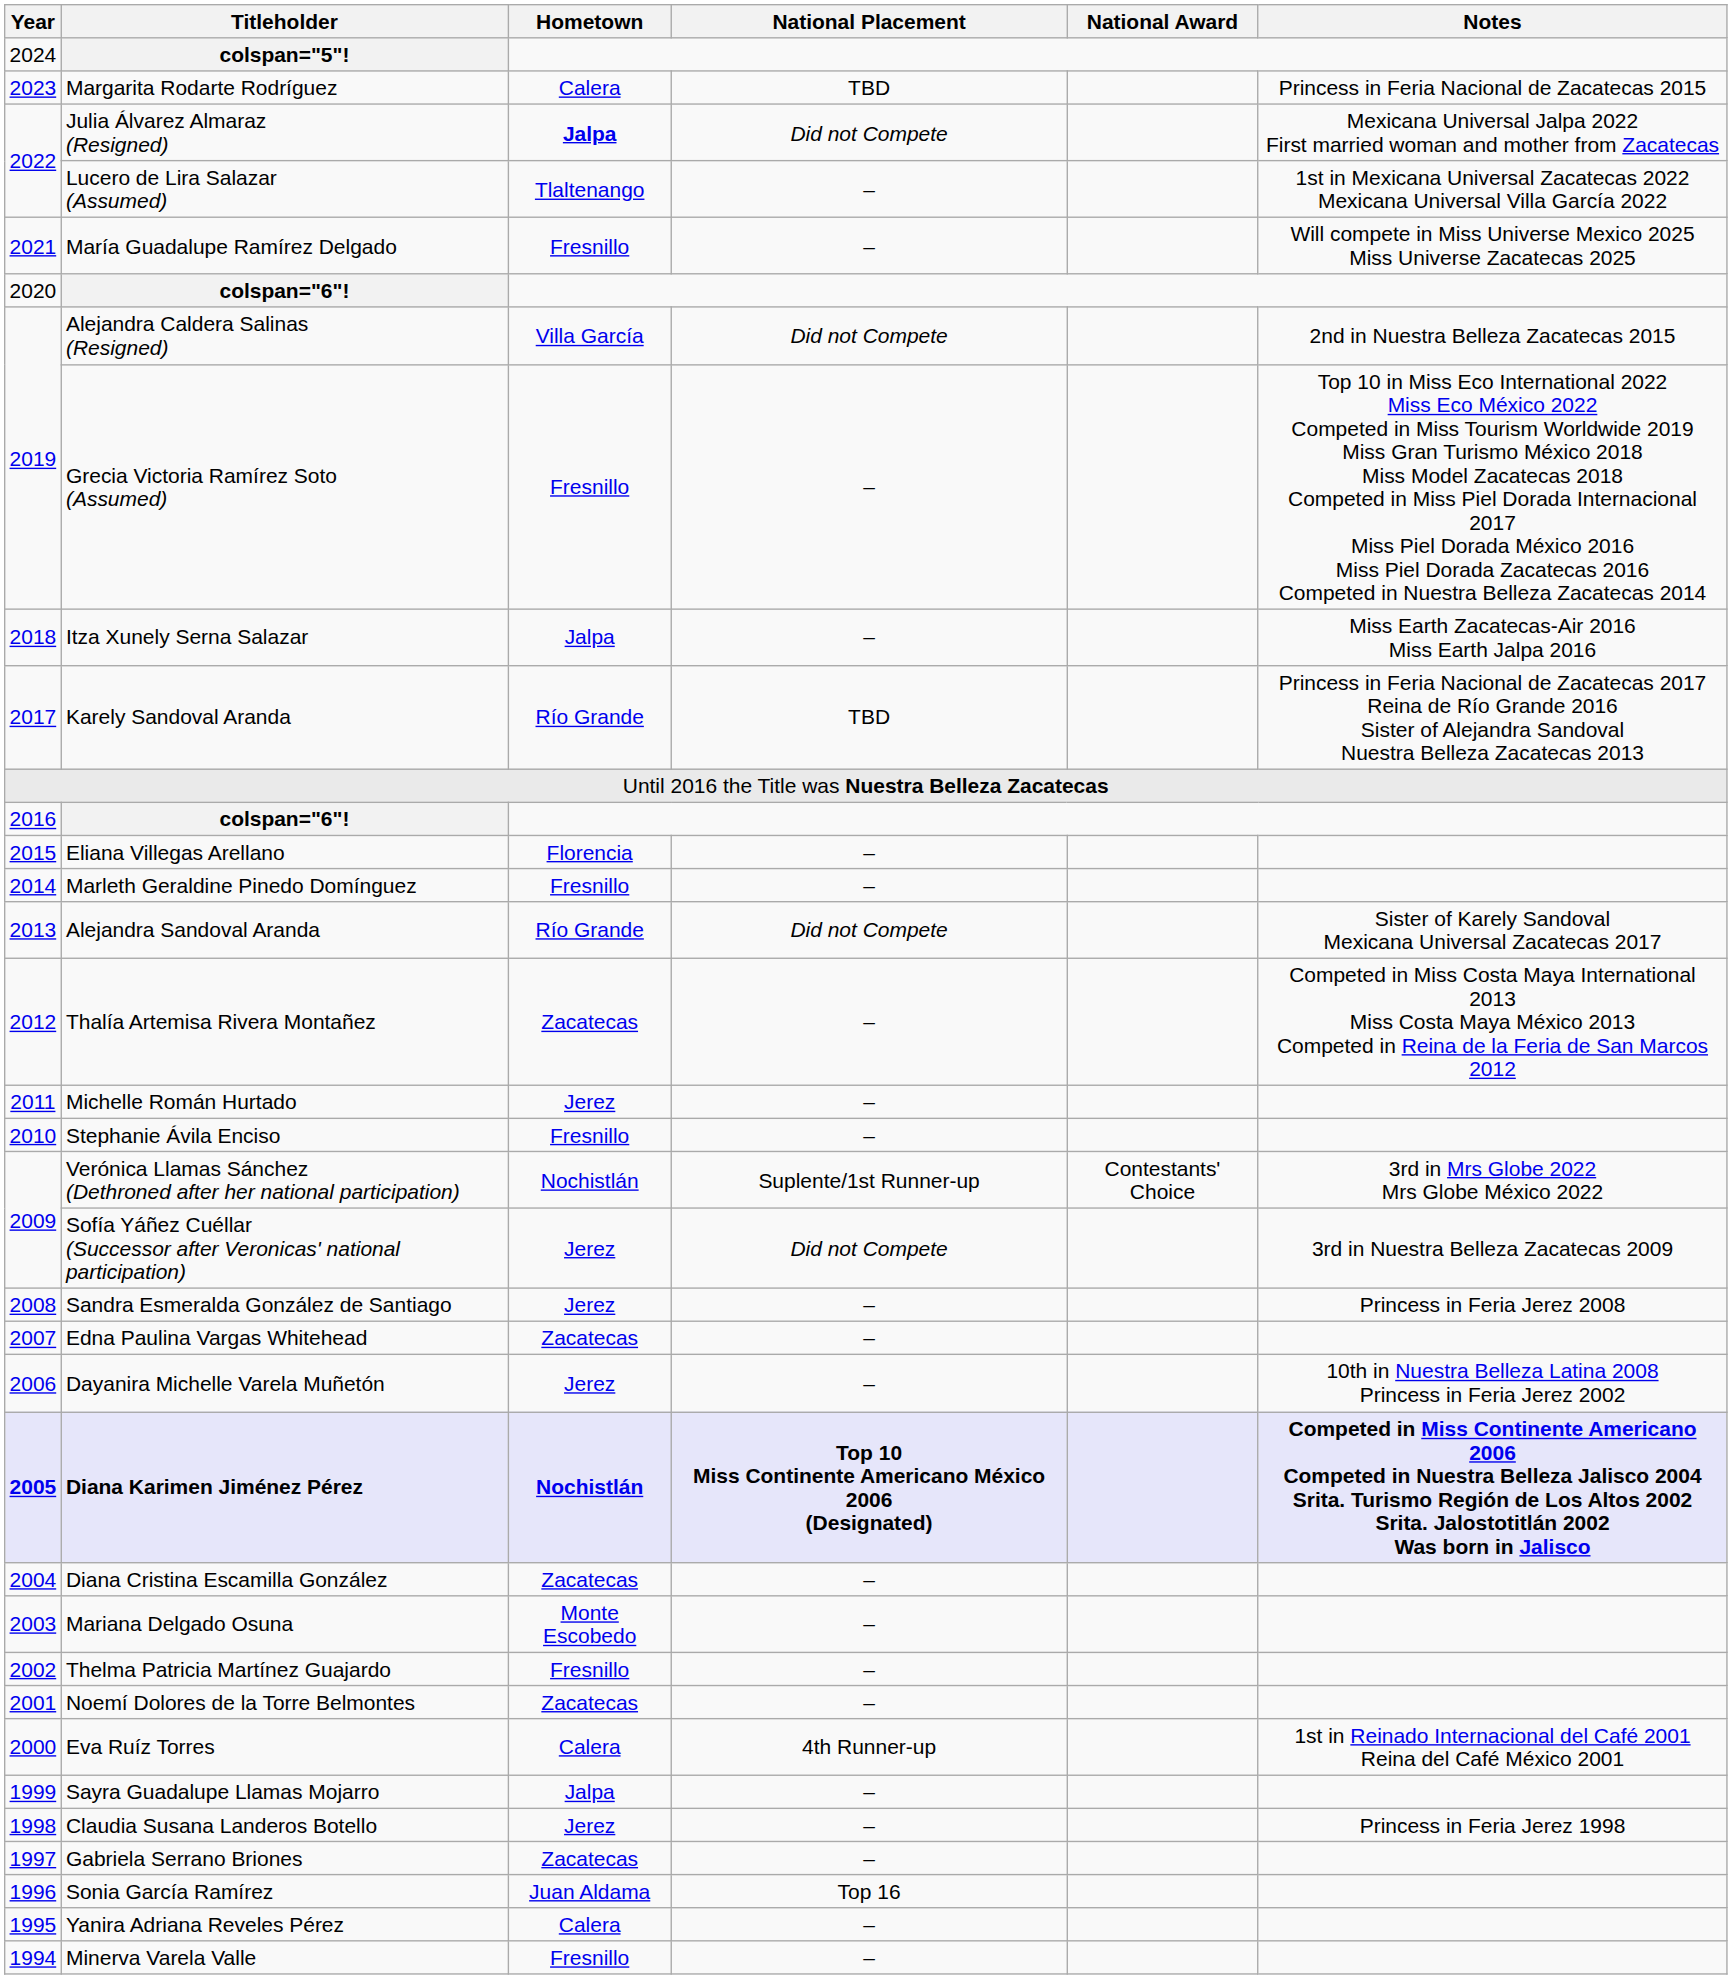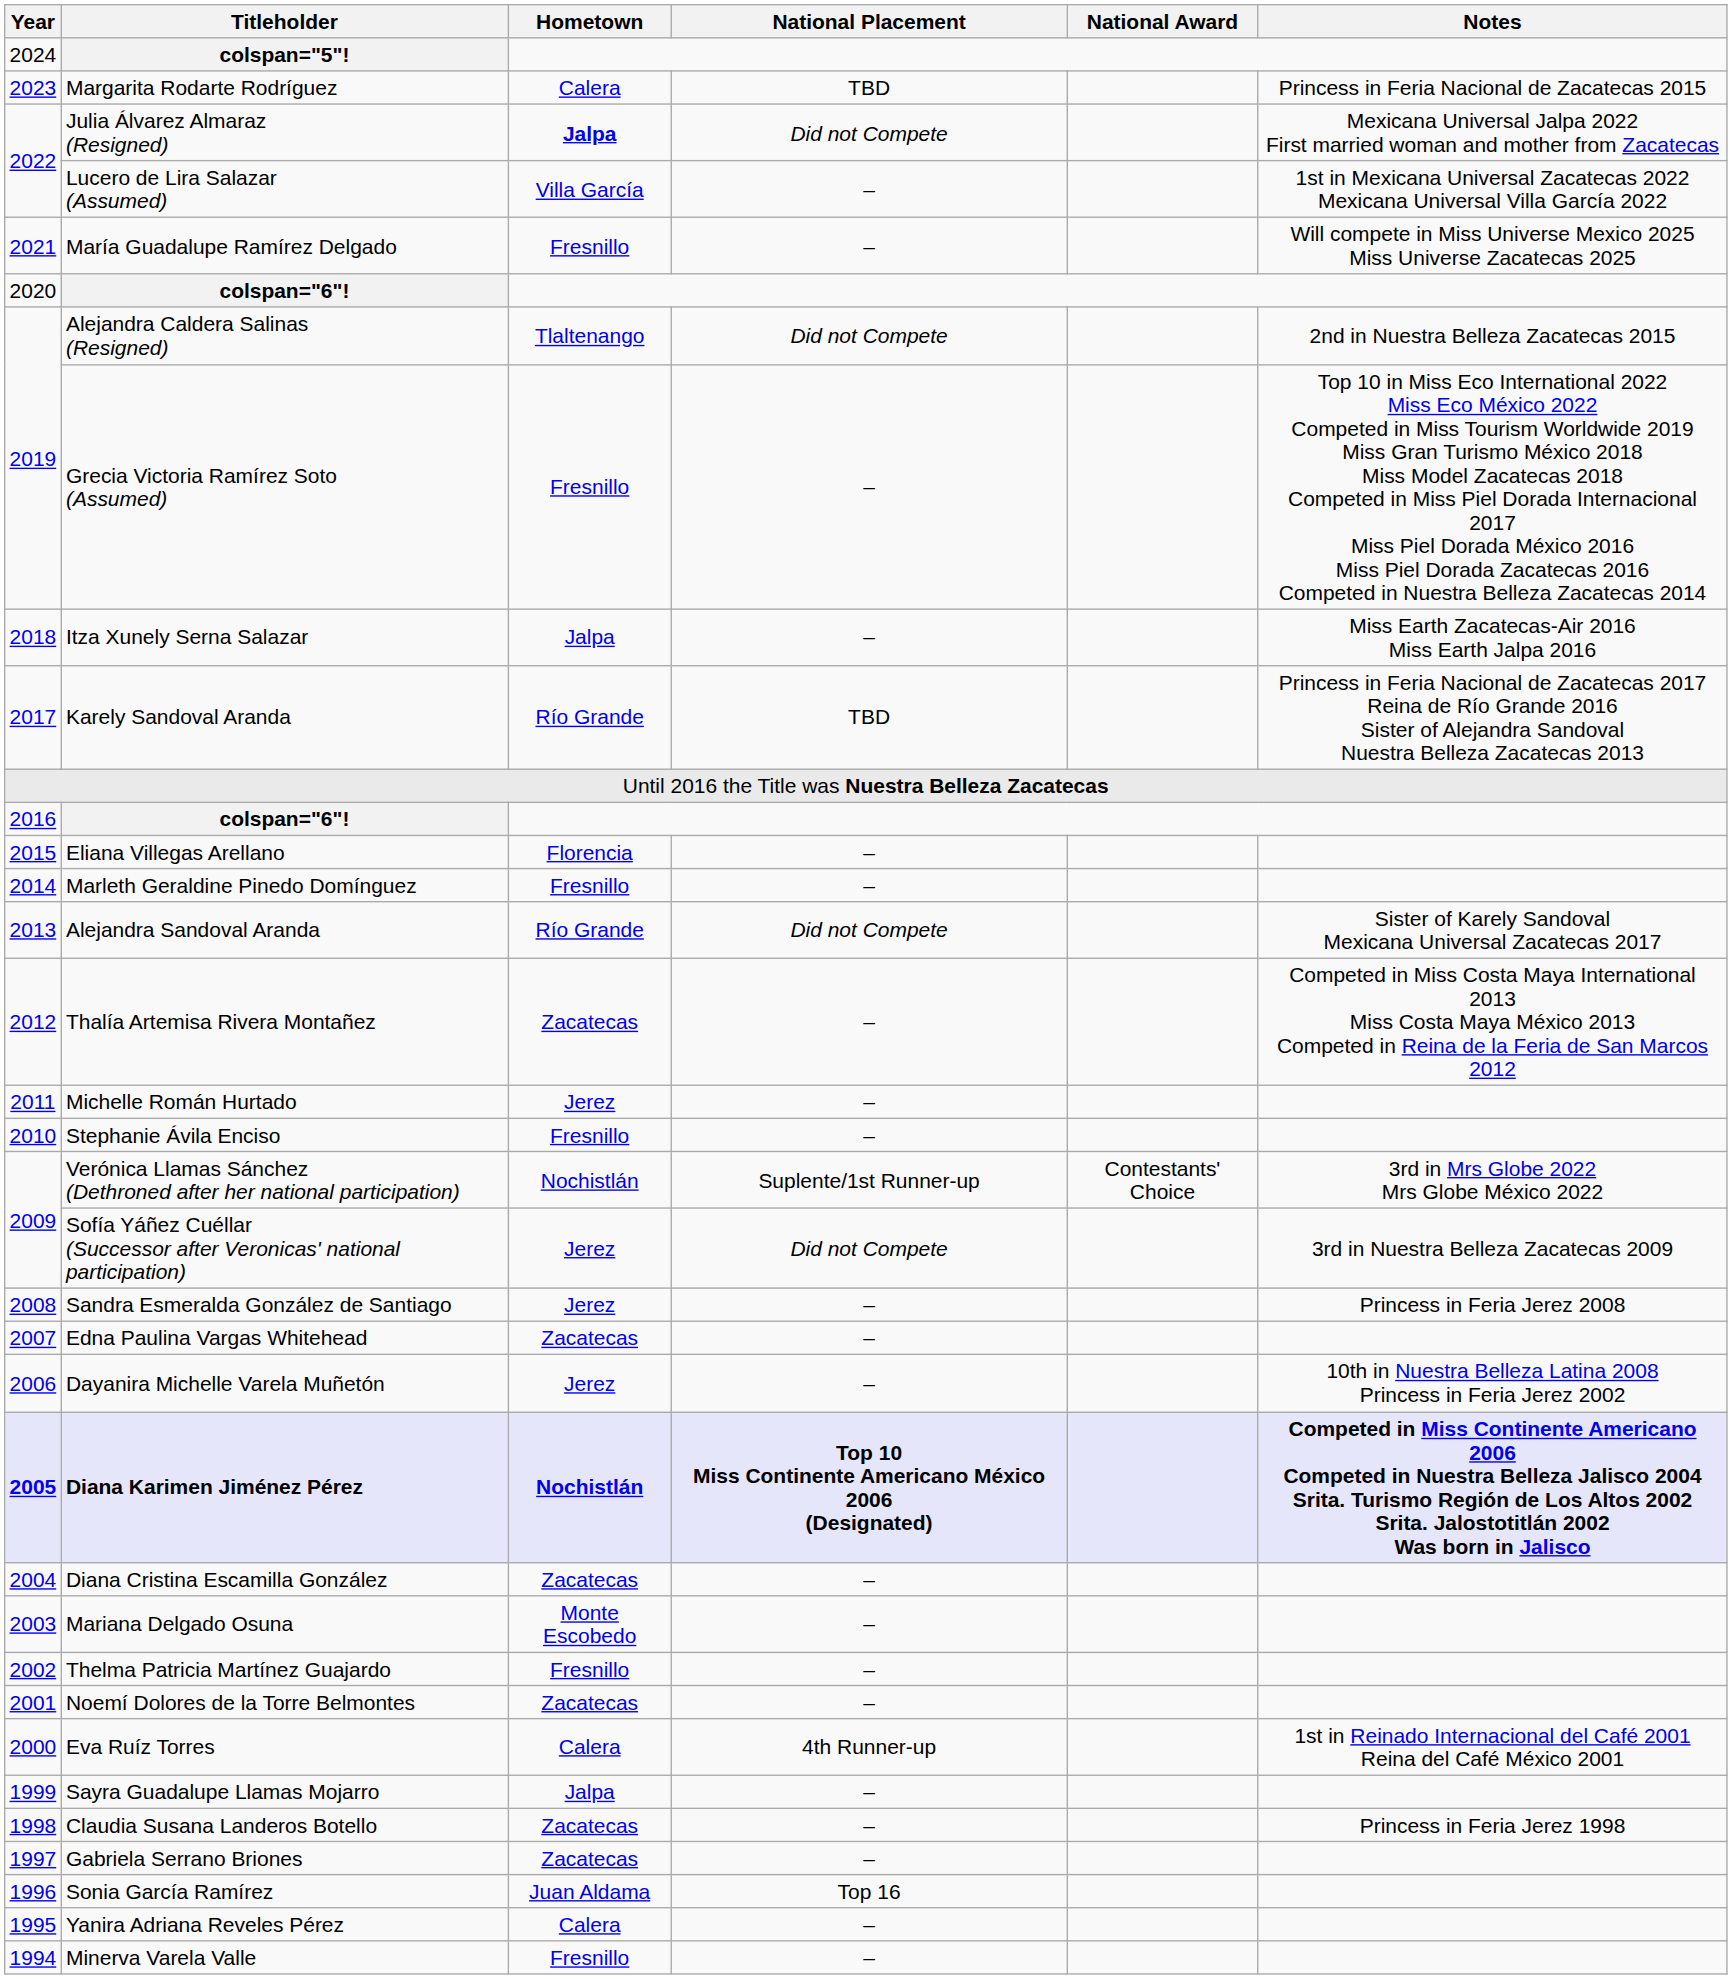 <table class="wikitable sortable" style="font-size:95%;">
 <tr>
 <th>Year</th>
 <th>Titleholder</th>
 <th>Hometown</th>
 <th>National Placement</th>
 <th>National Award</th>
 <th>Notes</th>
 </tr>
 <tr>
 <td align="center">2024</td>
 <th>colspan="5"!</th>
 </tr>
 <tr>
 <td align="center"><a href='#'>2023</a></td>
 <td>Margarita Rodarte Rodríguez</td>
 <td align="center"><a href='#'>Calera</a></td>
 <td align="center">TBD</td>
 <td align="center"></td>
 <td align="center">Princess in Feria Nacional de Zacatecas 2015</td>
 </tr>
 <tr>
 <td rowspan=2 align="center"><a href='#'>2022</a></td>
 <td>Julia Álvarez Almaraz<br><em>(Resigned)</em></td>
 <td align="center"><strong><a href='#'>Jalpa</a></strong></td>
 <td align="center"><em>Did not Compete</em></td>
 <td align="center"></td>
 <td align="center">Mexicana Universal Jalpa 2022<br>First married woman and mother from <a href='#'>Zacatecas</a></td>
 </tr>
 <tr>
 <td>Lucero de Lira Salazar<br><em>(Assumed)</em></td>
-<td align="center"><a href='#'>Tlaltenango</a></td>
+<td align="center"><a href='#'>Villa García</a></td>
 <td align="center">–</td>
 <td align="center"></td>
 <td align="center">1st in Mexicana Universal Zacatecas 2022<br>Mexicana Universal Villa García 2022</td>
 </tr>
 <tr>
 <td align="center"><a href='#'>2021</a></td>
 <td>María Guadalupe Ramírez Delgado</td>
 <td align="center"><a href='#'>Fresnillo</a></td>
 <td align="center">–</td>
 <td align="center"></td>
 <td align="center">Will compete in Miss Universe Mexico 2025<br>Miss Universe Zacatecas 2025</td>
 </tr>
 <tr>
 <td align="center">2020</td>
 <th>colspan="6"!</th>
 </tr>
 <tr>
 <td rowspan=2 align="center"><a href='#'>2019</a></td>
 <td>Alejandra Caldera Salinas<br><em>(Resigned)</em></td>
-<td align="center"><a href='#'>Villa García</a></td>
+<td align="center"><a href='#'>Tlaltenango</a></td>
 <td align="center"><em>Did not Compete</em></td>
 <td align="center"></td>
 <td align="center">2nd in Nuestra Belleza Zacatecas 2015</td>
 </tr>
 <tr>
 <td>Grecia Victoria Ramírez Soto<br><em>(Assumed)</em></td>
 <td align="center"><a href='#'>Fresnillo</a></td>
 <td align="center">–</td>
 <td align="center"></td>
 <td align="center">Top 10 in Miss Eco International 2022<br><a href='#'>Miss Eco México 2022</a><br>Competed in Miss Tourism Worldwide 2019<br>Miss Gran Turismo México 2018<br>Miss Model Zacatecas 2018<br>Competed in Miss Piel Dorada Internacional 2017<br>Miss Piel Dorada México 2016<br>Miss Piel Dorada Zacatecas 2016<br>Competed in Nuestra Belleza Zacatecas 2014</td>
 </tr>
 <tr>
 <td align="center"><a href='#'>2018</a></td>
 <td>Itza Xunely Serna Salazar</td>
 <td align="center"><a href='#'>Jalpa</a></td>
 <td align="center">–</td>
 <td align="center"></td>
 <td align="center">Miss Earth Zacatecas-Air 2016<br>Miss Earth Jalpa 2016</td>
 </tr>
 <tr>
 <td align="center"><a href='#'>2017</a></td>
 <td>Karely Sandoval Aranda</td>
 <td align="center"><a href='#'>Río Grande</a></td>
 <td align="center">TBD</td>
 <td align="center"></td>
 <td align="center">Princess in Feria Nacional de Zacatecas 2017<br>Reina de Río Grande 2016<br>Sister of Alejandra Sandoval<br>Nuestra Belleza Zacatecas 2013</td>
 </tr>
 <tr>
 <td colspan="7" bgcolor="#EAEAEA" style="text-align:center;">Until 2016 the Title was <strong>Nuestra Belleza Zacatecas</strong></td>
 </tr>
 <tr>
 <td align="center"><a href='#'>2016</a></td>
 <th>colspan="6"!</th>
 </tr>
 <tr>
 <td align="center"><a href='#'>2015</a></td>
 <td>Eliana Villegas Arellano</td>
 <td align="center"><a href='#'>Florencia</a></td>
 <td align="center">–</td>
 <td align="center"></td>
 <td align="center"></td>
 </tr>
 <tr>
 <td align="center"><a href='#'>2014</a></td>
 <td>Marleth Geraldine Pinedo Domínguez</td>
 <td align="center"><a href='#'>Fresnillo</a></td>
 <td align="center">–</td>
 <td align="center"></td>
 <td align="center"></td>
 </tr>
 <tr>
 <td align="center"><a href='#'>2013</a></td>
 <td>Alejandra Sandoval Aranda</td>
 <td align="center"><a href='#'>Río Grande</a></td>
 <td align="center"><em>Did not Compete</em></td>
 <td align="center"></td>
 <td align="center">Sister of Karely Sandoval<br>Mexicana Universal Zacatecas 2017</td>
 </tr>
 <tr>
 <td align="center"><a href='#'>2012</a></td>
 <td>Thalía Artemisa Rivera Montañez</td>
 <td align="center"><a href='#'>Zacatecas</a></td>
 <td align="center">–</td>
 <td align="center"></td>
 <td align="center">Competed in Miss Costa Maya International 2013<br>Miss Costa Maya México 2013<br>Competed in <a href='#'>Reina de la Feria de San Marcos 2012</a></td>
 </tr>
 <tr>
 <td align="center"><a href='#'>2011</a></td>
 <td>Michelle Román Hurtado</td>
 <td align="center"><a href='#'>Jerez</a></td>
 <td align="center">–</td>
 <td align="center"></td>
 <td align="center"></td>
 </tr>
 <tr>
 <td align="center"><a href='#'>2010</a></td>
 <td>Stephanie Ávila Enciso</td>
 <td align="center"><a href='#'>Fresnillo</a></td>
 <td align="center">–</td>
 <td align="center"></td>
 <td align="center"></td>
 </tr>
 <tr>
 <td rowspan=2 align="center"><a href='#'>2009</a></td>
 <td>Verónica Llamas Sánchez<br><em>(Dethroned after her national participation)</em></td>
 <td align="center"><a href='#'>Nochistlán</a></td>
 <td align="center">Suplente/1st Runner-up</td>
 <td align="center">Contestants' Choice</td>
 <td align="center">3rd in <a href='#'>Mrs Globe 2022</a><br>Mrs Globe México 2022</td>
 </tr>
 <tr>
 <td>Sofía Yáñez Cuéllar<br><em>(Successor after Veronicas' national participation)</em></td>
 <td align="center"><a href='#'>Jerez</a></td>
 <td align="center"><em>Did not Compete</em></td>
 <td align="center"></td>
 <td align="center">3rd in Nuestra Belleza Zacatecas 2009</td>
 </tr>
 <tr>
 <td align="center"><a href='#'>2008</a></td>
 <td>Sandra Esmeralda González de Santiago</td>
 <td align="center"><a href='#'>Jerez</a></td>
 <td align="center">–</td>
 <td align="center"></td>
 <td align="center">Princess in Feria Jerez 2008</td>
 </tr>
 <tr>
 <td align="center"><a href='#'>2007</a></td>
 <td>Edna Paulina Vargas Whitehead</td>
 <td align="center"><a href='#'>Zacatecas</a></td>
 <td align="center">–</td>
 <td align="center"></td>
 <td align="center"></td>
 </tr>
 <tr>
 <td align="center"><a href='#'>2006</a></td>
 <td>Dayanira Michelle Varela Muñetón</td>
 <td align="center"><a href='#'>Jerez</a></td>
 <td align="center">–</td>
 <td align="center"></td>
 <td align="center">10th in <a href='#'>Nuestra Belleza Latina 2008</a><br>Princess in Feria Jerez 2002</td>
 </tr>
 <tr bgcolor="#E6E6FA">
 <td align="center"><strong><a href='#'>2005</a></strong></td>
 <td><strong>Diana Karimen Jiménez Pérez</strong></td>
 <td align="center"><strong><a href='#'>Nochistlán</a></strong></td>
 <td align="center"><strong>Top 10<br>Miss Continente Americano México 2006<br>(Designated)</strong></td>
 <td align="center"></td>
 <td align="center"><strong>Competed in <a href='#'>Miss Continente Americano 2006</a><br>Competed in Nuestra Belleza Jalisco 2004<br>Srita. Turismo Región de Los Altos 2002<br>Srita. Jalostotitlán 2002<br>Was born in <a href='#'>Jalisco</a></strong></td>
 </tr>
 <tr>
 <td align="center"><a href='#'>2004</a></td>
 <td>Diana Cristina Escamilla González</td>
 <td align="center"><a href='#'>Zacatecas</a></td>
 <td align="center">–</td>
 <td align="center"></td>
 <td align="center"></td>
 </tr>
 <tr>
 <td align="center"><a href='#'>2003</a></td>
 <td>Mariana Delgado Osuna</td>
 <td align="center"><a href='#'>Monte Escobedo</a></td>
 <td align="center">–</td>
 <td align="center"></td>
 <td align="center"></td>
 </tr>
 <tr>
 <td align="center"><a href='#'>2002</a></td>
 <td>Thelma Patricia Martínez Guajardo</td>
 <td align="center"><a href='#'>Fresnillo</a></td>
 <td align="center">–</td>
 <td align="center"></td>
 <td align="center"></td>
 </tr>
 <tr>
 <td align="center"><a href='#'>2001</a></td>
 <td>Noemí Dolores de la Torre Belmontes</td>
 <td align="center"><a href='#'>Zacatecas</a></td>
 <td align="center">–</td>
 <td align="center"></td>
 <td align="center"></td>
 </tr>
 <tr>
 <td align="center"><a href='#'>2000</a></td>
 <td>Eva Ruíz Torres</td>
 <td align="center"><a href='#'>Calera</a></td>
 <td align="center">4th Runner-up</td>
 <td align="center"></td>
 <td align="center">1st in <a href='#'>Reinado Internacional del Café 2001</a><br>Reina del Café México 2001</td>
 </tr>
 <tr>
 <td align="center"><a href='#'>1999</a></td>
 <td>Sayra Guadalupe Llamas Mojarro</td>
 <td align="center"><a href='#'>Jalpa</a></td>
 <td align="center">–</td>
 <td align="center"></td>
 <td align="center"></td>
 </tr>
 <tr>
 <td align="center"><a href='#'>1998</a></td>
 <td>Claudia Susana Landeros Botello</td>
-<td align="center"><a href='#'>Jerez</a></td>
+<td align="center"><a href='#'>Zacatecas</a></td>
 <td align="center">–</td>
 <td align="center"></td>
 <td align="center">Princess in Feria Jerez 1998</td>
 </tr>
 <tr>
 <td align="center"><a href='#'>1997</a></td>
 <td>Gabriela Serrano Briones</td>
 <td align="center"><a href='#'>Zacatecas</a></td>
 <td align="center">–</td>
 <td align="center"></td>
 <td align="center"></td>
 </tr>
 <tr>
 <td align="center"><a href='#'>1996</a></td>
 <td>Sonia García Ramírez</td>
 <td align="center"><a href='#'>Juan Aldama</a></td>
 <td align="center">Top 16</td>
 <td align="center"></td>
 <td align="center"></td>
 </tr>
 <tr>
 <td align="center"><a href='#'>1995</a></td>
 <td>Yanira Adriana Reveles Pérez</td>
 <td align="center"><a href='#'>Calera</a></td>
 <td align="center">–</td>
 <td align="center"></td>
 <td align="center"></td>
 </tr>
 <tr>
 <td align="center"><a href='#'>1994</a></td>
 <td>Minerva Varela Valle</td>
 <td align="center"><a href='#'>Fresnillo</a></td>
 <td align="center">–</td>
 <td align="center"></td>
 <td align="center"></td>
 </tr>
 </table>
